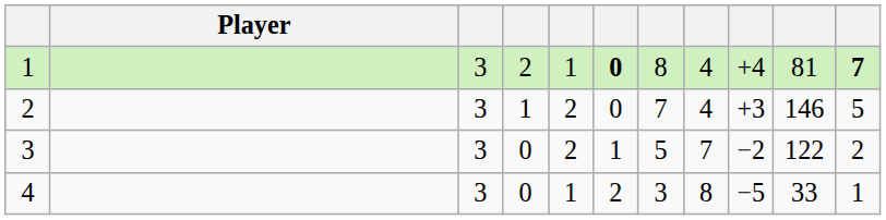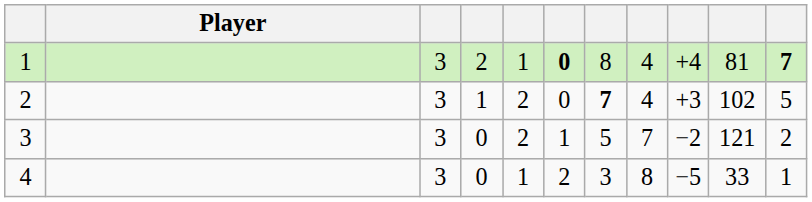 <table class="wikitable" style="text-align:center; margin: 1em auto 1em auto, align:left">
 <tr>
 <th width=20></th>
 <th width=240>Player</th>
 <th width=20></th>
 <th width=20></th>
 <th width=20></th>
 <th width=20></th>
 <th width=20></th>
 <th width=20></th>
 <th width=20></th>
 <th width=30></th>
 <th width=20></th>
 </tr>
 <tr style="background:#D0F0C0;">
 <td>1</td>
 <td align=left></td>
 <td>3</td>
 <td>2</td>
 <td>1</td>
 <td><strong>0</strong></td>
 <td>8</td>
 <td>4</td>
 <td>+4</td>
 <td>81</td>
 <td><strong>7</strong></td>
 </tr>
 <tr style=>
 <td>2</td>
 <td align=left></td>
 <td>3</td>
 <td>1</td>
 <td>2</td>
 <td>0</td>
-<td>7</td>
+<td><strong>7</strong></td>
 <td>4</td>
 <td>+3</td>
-<td>146</td>
+<td>102</td>
 <td>5</td>
 </tr>
 <tr style=>
 <td>3</td>
 <td align=left></td>
 <td>3</td>
 <td>0</td>
 <td>2</td>
 <td>1</td>
 <td>5</td>
 <td>7</td>
 <td>−2</td>
-<td>122</td>
+<td>121</td>
 <td>2</td>
 </tr>
 <tr style=>
 <td>4</td>
 <td align=left></td>
 <td>3</td>
 <td>0</td>
 <td>1</td>
 <td>2</td>
 <td>3</td>
 <td>8</td>
 <td>−5</td>
 <td>33</td>
 <td>1</td>
 </tr>
 </table>
